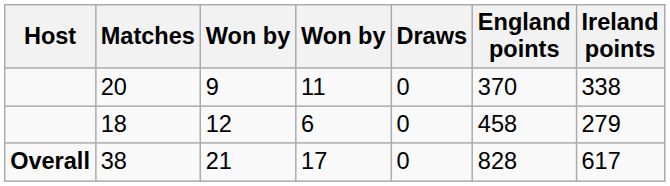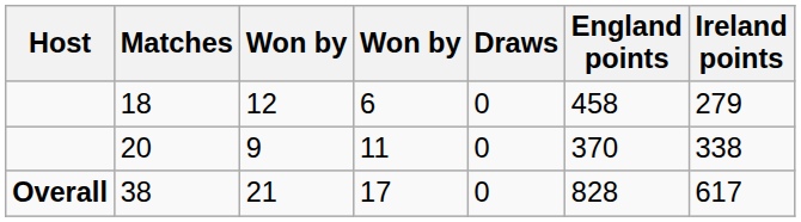 <table class="wikitable" style=“text-align:center”>
 <tr>
 <th align=center>Host</th>
 <th align=center>Matches</th>
 <th align=center>Won by<br></th>
 <th align=center>Won by<br></th>
 <th align=center>Draws</th>
 <th align=center>England<br>points</th>
 <th align=center>Ireland<br>points</th>
 </tr>
 <tr>
 <td align=left></td>
+<td>18</td>
+<td>12</td>
+<td>6</td>
+<td>0</td>
+<td>458</td>
+<td>279</td>
+</tr>
+<tr>
+<td align=left></td>
 <td>20</td>
 <td>9</td>
 <td>11</td>
 <td>0</td>
 <td>370</td>
 <td>338</td>
-</tr>
-<tr>
-<td align=left></td>
-<td>18</td>
-<td>12</td>
-<td>6</td>
-<td>0</td>
-<td>458</td>
-<td>279</td>
 </tr>
 <tr>
 <td><strong>Overall</strong></td>
 <td>38</td>
 <td>21</td>
 <td>17</td>
 <td>0</td>
 <td>828</td>
 <td>617</td>
 </tr>
 </table>
